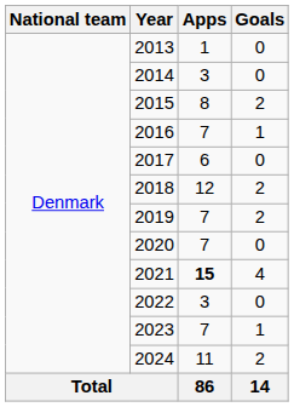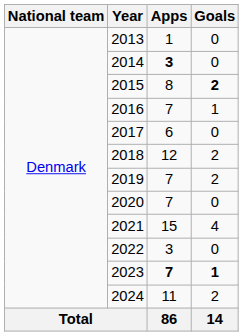 <table class=wikitable style=text-align:center>
 <tr>
 <th>National team</th>
 <th>Year</th>
 <th>Apps</th>
 <th>Goals</th>
 </tr>
 <tr>
 <td rowspan=12><a href='#'>Denmark</a></td>
 <td>2013</td>
 <td>1</td>
 <td>0</td>
 </tr>
 <tr>
 <td>2014</td>
-<td>3</td>
+<td><strong>3</strong></td>
 <td>0</td>
 </tr>
 <tr>
 <td>2015</td>
 <td>8</td>
-<td>2</td>
+<td><strong>2</strong></td>
 </tr>
 <tr>
 <td>2016</td>
 <td>7</td>
 <td>1</td>
 </tr>
 <tr>
 <td>2017</td>
 <td>6</td>
 <td>0</td>
 </tr>
 <tr>
 <td>2018</td>
 <td>12</td>
 <td>2</td>
 </tr>
 <tr>
 <td>2019</td>
 <td>7</td>
 <td>2</td>
 </tr>
 <tr>
 <td>2020</td>
 <td>7</td>
 <td>0</td>
 </tr>
 <tr>
 <td>2021</td>
-<td><strong>15</strong></td>
+<td>15</td>
 <td>4</td>
 </tr>
 <tr>
 <td>2022</td>
 <td>3</td>
 <td>0</td>
 </tr>
 <tr>
 <td>2023</td>
-<td>7</td>
-<td>1</td>
+<td><strong>7</strong></td>
+<td><strong>1</strong></td>
 </tr>
 <tr>
 <td>2024</td>
 <td>11</td>
 <td>2</td>
 </tr>
 <tr>
 <th colspan=2>Total</th>
 <th>86</th>
 <th>14</th>
 </tr>
 </table>
